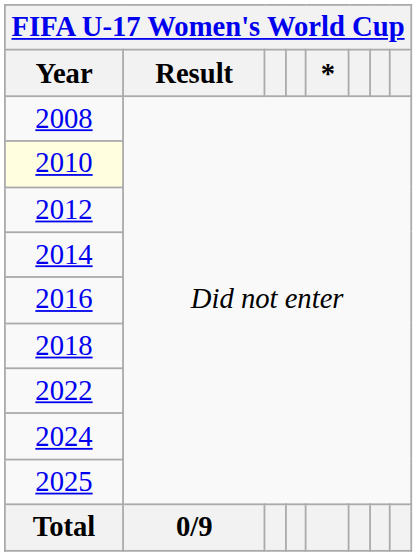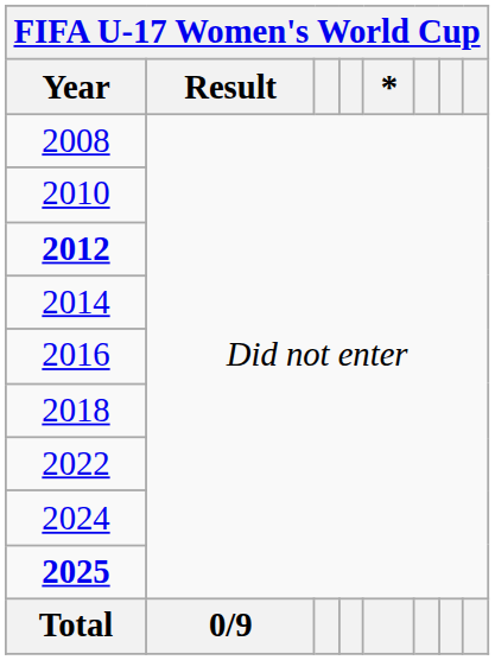 <table class="wikitable" style="text-align: center;">
 <tr>
 <th colspan=9><a href='#'>FIFA U-17 Women's World Cup</a></th>
 </tr>
 <tr>
 <th>Year</th>
 <th>Result</th>
 <th></th>
 <th></th>
 <th> *</th>
 <th></th>
 <th></th>
 <th></th>
 </tr>
 <tr>
 <td> <a href='#'>2008</a></td>
 <td rowspan=9 colspan=8><em>Did not enter</em></td>
 </tr>
 <tr>
-<td style="background: lightyellow;"> <a href='#'>2010</a></td>
+<td> <a href='#'>2010</a></td>
 </tr>
 <tr>
-<td> <a href='#'>2012</a></td>
+<td><strong> <a href='#'>2012</a></strong></td>
 </tr>
 <tr>
 <td> <a href='#'>2014</a></td>
 </tr>
 <tr>
 <td> <a href='#'>2016</a></td>
 </tr>
 <tr>
 <td> <a href='#'>2018</a></td>
 </tr>
 <tr>
 <td> <a href='#'>2022</a></td>
 </tr>
 <tr>
 <td> <a href='#'>2024</a></td>
 </tr>
 <tr>
-<td> <a href='#'>2025</a></td>
+<td><strong> <a href='#'>2025</a></strong></td>
 </tr>
 <tr>
 <th>Total</th>
 <th>0/9</th>
 <th></th>
 <th></th>
 <th></th>
 <th></th>
 <th></th>
 <th></th>
 </tr>
 </table>
